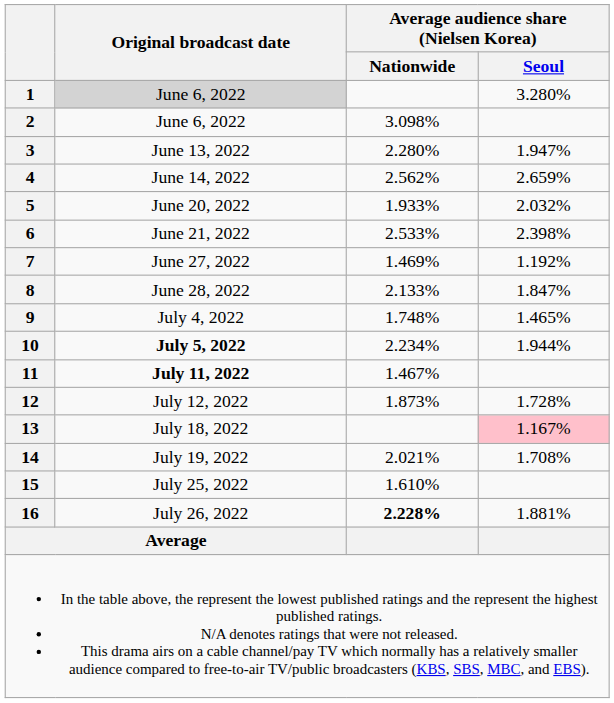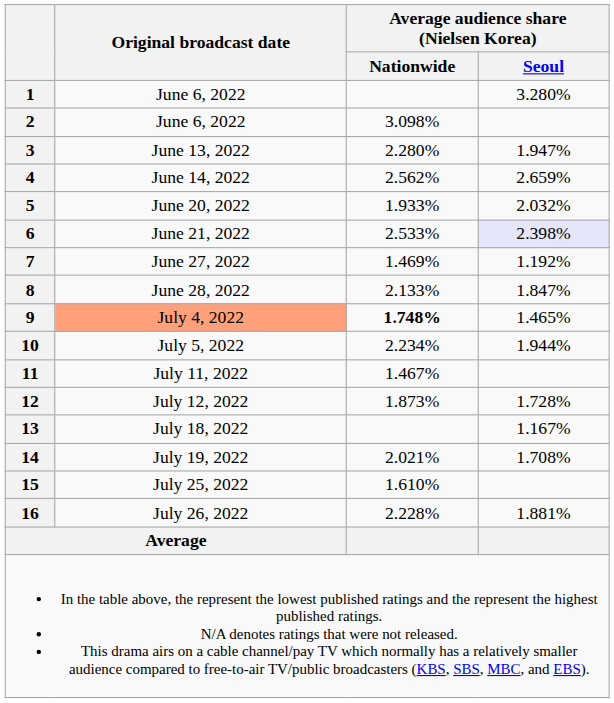 <table class="wikitable" style="margin-left:auto; margin-right:auto; width:550px; text-align:center">
 <tr>
 <th scope="col" rowspan="2"></th>
 <th scope="col" rowspan="2">Original broadcast date</th>
 <th scope="col" colspan="2">Average audience share<br>(Nielsen Korea)</th>
 </tr>
 <tr>
 <th scope="col" style="width:7em">Nationwide</th>
 <th scope="col" style="width:7em"><a href='#'>Seoul</a></th>
 </tr>
 <tr>
 <th scope="col">1</th>
-<td style="background: lightgrey;">June 6, 2022</td>
+<td>June 6, 2022</td>
 <td><strong></strong> </td>
 <td>3.280% </td>
 </tr>
 <tr>
 <th scope="col">2</th>
 <td>June 6, 2022</td>
 <td>3.098% </td>
 <td><strong></strong> </td>
 </tr>
 <tr>
 <th scope="col">3</th>
 <td>June 13, 2022</td>
 <td>2.280% </td>
 <td>1.947% </td>
 </tr>
 <tr>
 <th scope="col">4</th>
 <td>June 14, 2022</td>
 <td>2.562% </td>
 <td>2.659% </td>
 </tr>
 <tr>
 <th scope="col">5</th>
 <td>June 20, 2022</td>
 <td>1.933% </td>
 <td>2.032% </td>
 </tr>
 <tr>
 <th scope="col">6</th>
 <td>June 21, 2022</td>
 <td>2.533% </td>
-<td>2.398% </td>
+<td style="background: lavender;">2.398% </td>
 </tr>
 <tr>
 <th scope="col">7</th>
 <td>June 27, 2022</td>
 <td>1.469% </td>
 <td>1.192% </td>
 </tr>
 <tr>
 <th scope="col">8</th>
 <td>June 28, 2022</td>
 <td>2.133% </td>
 <td>1.847% </td>
 </tr>
 <tr>
 <th scope="col">9</th>
-<td>July 4, 2022</td>
-<td>1.748% </td>
+<td style="background: lightsalmon;">July 4, 2022</td>
+<td><strong>1.748% </strong></td>
 <td>1.465% </td>
 </tr>
 <tr>
 <th scope="col">10</th>
-<td><strong>July 5, 2022</strong></td>
+<td>July 5, 2022</td>
 <td>2.234% </td>
 <td>1.944% </td>
 </tr>
 <tr>
 <th scope="col">11</th>
-<td><strong>July 11, 2022</strong></td>
+<td>July 11, 2022</td>
 <td>1.467% </td>
 <td></td>
 </tr>
 <tr>
 <th scope="col">12</th>
 <td>July 12, 2022</td>
 <td>1.873% </td>
 <td>1.728% </td>
 </tr>
 <tr>
 <th scope="col">13</th>
 <td>July 18, 2022</td>
 <td><strong></strong> </td>
-<td style="background: pink;">1.167% </td>
+<td>1.167% </td>
 </tr>
 <tr>
 <th scope="col">14</th>
 <td>July 19, 2022</td>
 <td>2.021% </td>
 <td>1.708% </td>
 </tr>
 <tr>
 <th scope="col">15</th>
 <td>July 25, 2022</td>
 <td>1.610% </td>
 <td><strong></strong> </td>
 </tr>
 <tr>
 <th scope="col">16</th>
 <td>July 26, 2022</td>
-<td><strong>2.228% </strong></td>
+<td>2.228% </td>
 <td>1.881% </td>
 </tr>
 <tr>
 <th scope="col" colspan="2">Average</th>
 <th scope="col"></th>
 <th scope="col"></th>
 </tr>
 <tr>
 <td colspan="4" style="font-size:85%"><br><ul><li>In the table above, the <strong></strong> represent the lowest published ratings and the <strong></strong> represent the highest published ratings.</li><li>N/A denotes ratings that were not released.</li><li>This drama airs on a cable channel/pay TV which normally has a relatively smaller audience compared to free-to-air TV/public broadcasters (<a href='#'>KBS</a>, <a href='#'>SBS</a>, <a href='#'>MBC</a>, and <a href='#'>EBS</a>).</li></ul></td>
 </tr>
 </table>
